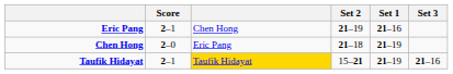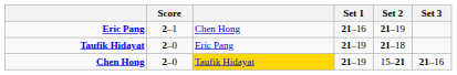 <table class="wikitable" style="text-align:center; font-size:90%">
 <tr>
 <th align="right" width="200"></th>
 <th width="60">Score</th>
 <th align="left" width="200"></th>
+<th width="50">Set 1</th>
 <th width="50">Set 2</th>
-<th width="50">Set 1</th>
 <th width="50">Set 3</th>
 </tr>
 <tr>
 <td align="right"><strong><a href='#'>Eric Pang</a> </strong></td>
 <td align="center"><strong>2</strong>–1</td>
 <td align="left"> <a href='#'>Chen Hong</a></td>
+<td><strong>21</strong>–16</td>
 <td><strong>21</strong>–19</td>
-<td><strong>21</strong>–16</td>
+<td></td>
+</tr>
+<tr>
+<td align="right"><strong><a href='#'>Taufik Hidayat</a> </strong></td>
+<td align="center"><strong>2</strong>–0</td>
+<td align="left"> <a href='#'>Eric Pang</a></td>
+<td><strong>21</strong>–19</td>
+<td><strong>21</strong>–18</td>
 <td></td>
 </tr>
 <tr>
 <td align="right"><strong><a href='#'>Chen Hong</a> </strong></td>
 <td align="center"><strong>2</strong>–0</td>
-<td align="left"> <a href='#'>Eric Pang</a></td>
-<td><strong>21</strong>–18</td>
+<td align="left" style="background: gold;"> <a href='#'>Taufik Hidayat</a></td>
 <td><strong>21</strong>–19</td>
-<td></td>
-</tr>
-<tr>
-<td align="right"><strong><a href='#'>Taufik Hidayat</a> </strong></td>
-<td align="center"><strong>2</strong>–1</td>
-<td align="left" style="background: gold;"> <a href='#'>Taufik Hidayat</a></td>
 <td>15–<strong>21</strong></td>
-<td><strong>21</strong>–19</td>
 <td><strong>21</strong>–16</td>
 </tr>
 </table>
